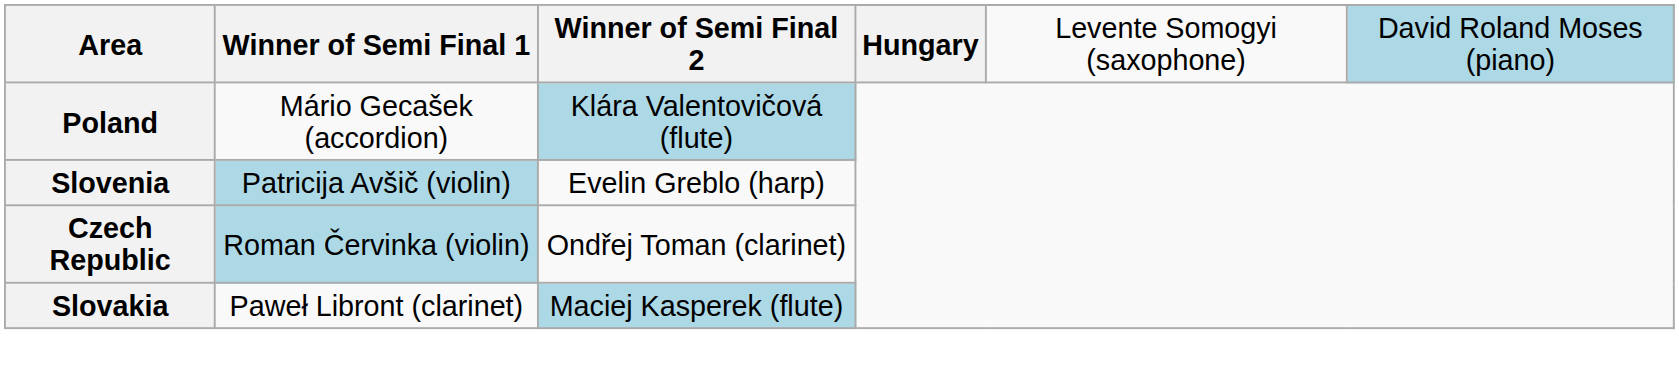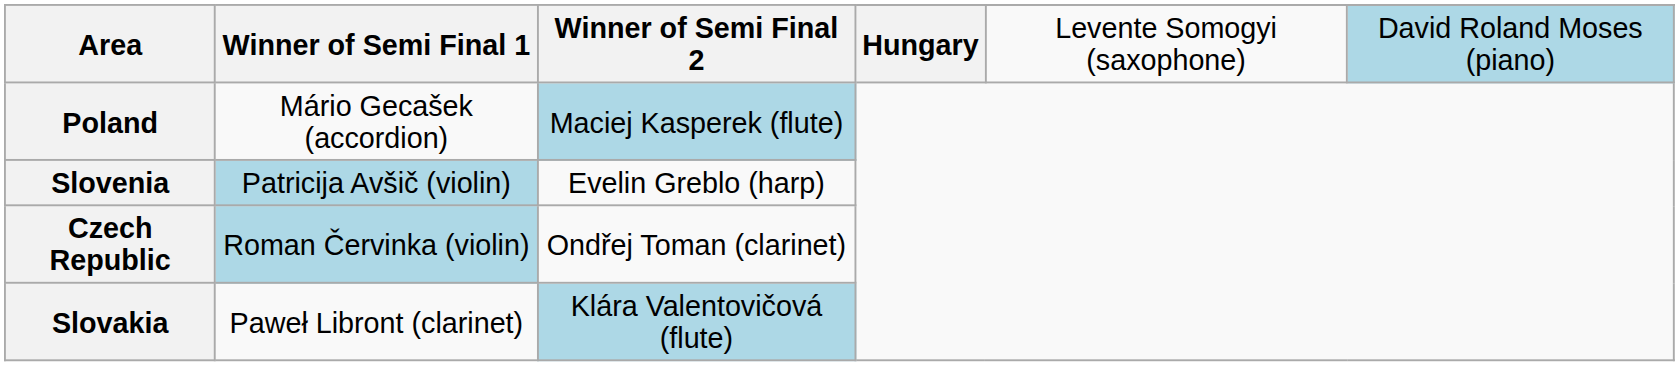 <table class="wikitable sortable" style="font-size:95%;" width="100%">
 <tr>
 <th scope="col" rowspan="2">Area</th>
 <th scope="col" rowspan="2">Winner of Semi Final 1</th>
 <th scope="col" rowspan="2">Winner of Semi Final 2</th>
 </tr>
 <tr>
 <th>Hungary</th>
 <td style="text-align:center">Levente Somogyi (saxophone)</td>
 <td style="text-align:center;background:lightblue;">David Roland Moses (piano)</td>
 </tr>
 <tr>
 <th>Poland</th>
 <td style="text-align:center">Mário Gecašek (accordion)</td>
-<td style="text-align:center;background:lightblue;">Klára Valentovičová (flute)</td>
+<td style="text-align:center;background:lightblue;">Maciej Kasperek (flute)</td>
 </tr>
 <tr>
 <th>Slovenia</th>
 <td style="text-align:center;background:lightblue;">Patricija Avšič (violin)</td>
 <td style="text-align:center">Evelin Greblo (harp)</td>
 </tr>
 <tr>
 <th>Czech Republic</th>
 <td style="text-align:center;background:lightblue;">Roman Červinka (violin)</td>
 <td style="text-align:center">Ondřej Toman (clarinet)</td>
 </tr>
 <tr>
 <th>Slovakia</th>
 <td style="text-align:center">Paweł Libront (clarinet)</td>
-<td style="text-align:center;background:lightblue;">Maciej Kasperek (flute)</td>
+<td style="text-align:center;background:lightblue;">Klára Valentovičová (flute)</td>
 </tr>
 </table>
